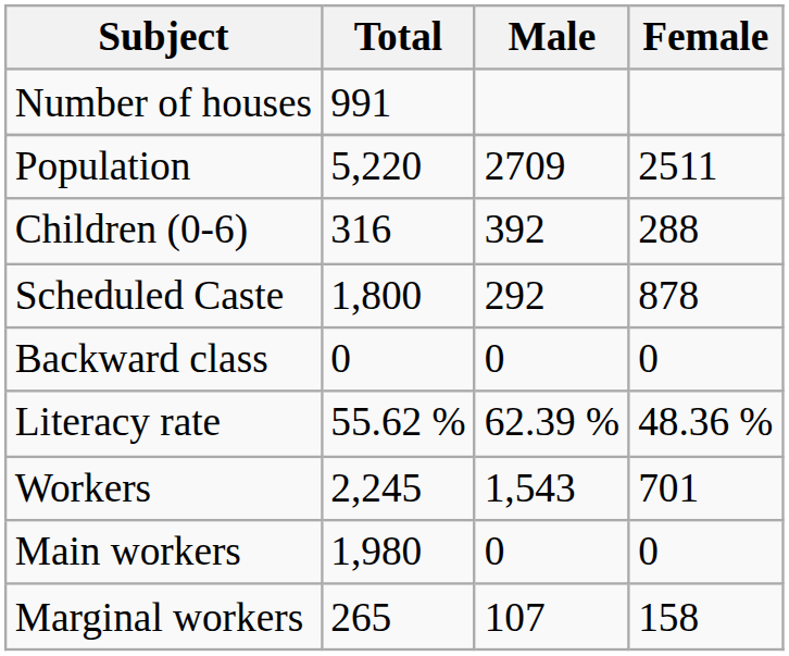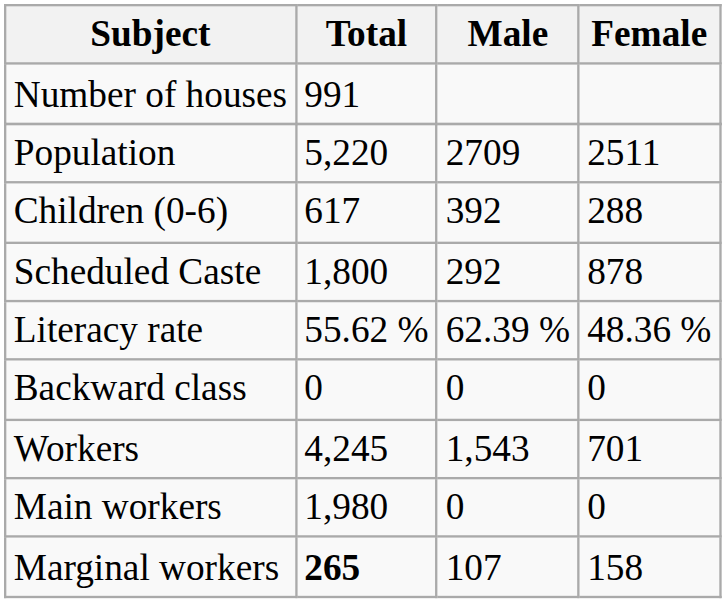 <table class="wikitable" style="text-align:left; hight:70%;">
 <tr>
 <th>Subject</th>
 <th>Total</th>
 <th>Male</th>
 <th>Female</th>
 </tr>
 <tr -bgcolor="#ffcccc">
 <td>Number of houses</td>
 <td>991</td>
 <td></td>
 <td></td>
 </tr>
 <tr>
 </tr>
 <tr -bgcolor="#ccffcc">
 <td>Population</td>
 <td>5,220</td>
 <td>2709</td>
 <td>2511</td>
 </tr>
 <tr -bgcolor="#ffcccc">
 <td>Children (0-6)</td>
-<td>316</td>
+<td>617</td>
 <td>392</td>
 <td>288</td>
 </tr>
 <tr -bgcolor="#ccffcc">
 <td>Scheduled Caste</td>
 <td>1,800</td>
 <td>292</td>
 <td>878</td>
 </tr>
-<tr -bgcolor="#ffcccc">
-<td>Backward class</td>
-<td>0</td>
-<td>0</td>
-<td>0</td>
-</tr>
 <tr -bgcolor="#ccffcc">
 <td>Literacy rate</td>
 <td>55.62 %</td>
 <td>62.39 %</td>
 <td>48.36 %</td>
 </tr>
 <tr -bgcolor="#ffcccc">
+<td>Backward class</td>
+<td>0</td>
+<td>0</td>
+<td>0</td>
+</tr>
+<tr -bgcolor="#ffcccc">
 <td>Workers</td>
-<td>2,245</td>
+<td>4,245</td>
 <td>1,543</td>
 <td>701</td>
 </tr>
 <tr -bgcolor="#ccffcc">
 <td>Main workers</td>
 <td>1,980</td>
 <td>0</td>
 <td>0</td>
 </tr>
 <tr -bgcolor="#ffcccc">
 <td>Marginal workers</td>
-<td>265</td>
+<td><strong>265</strong></td>
 <td>107</td>
 <td>158</td>
 </tr>
 </table>
